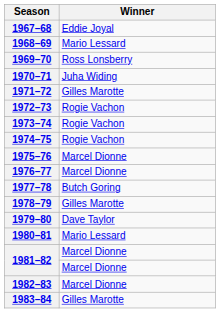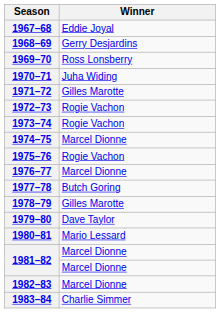 <table class="wikitable">
 <tr>
 <th scope="col" style="width:5em">Season</th>
 <th scope="col" style="width:15em">Winner</th>
 </tr>
 <tr>
 <th scope="row"><a href='#'>1967–68</a></th>
 <td><a href='#'>Eddie Joyal</a></td>
 </tr>
 <tr>
 <th scope="row"><a href='#'>1968–69</a></th>
-<td><a href='#'>Mario Lessard</a></td>
+<td><a href='#'>Gerry Desjardins</a></td>
 </tr>
 <tr>
 <th scope="row"><a href='#'>1969–70</a></th>
 <td><a href='#'>Ross Lonsberry</a></td>
 </tr>
 <tr>
 <th scope="row"><a href='#'>1970–71</a></th>
 <td><a href='#'>Juha Widing</a></td>
 </tr>
 <tr>
 <th scope="row"><a href='#'>1971–72</a></th>
 <td><a href='#'>Gilles Marotte</a></td>
 </tr>
 <tr>
 <th scope="row"><a href='#'>1972–73</a></th>
 <td><a href='#'>Rogie Vachon</a></td>
 </tr>
 <tr>
 <th scope="row"><a href='#'>1973–74</a></th>
 <td><a href='#'>Rogie Vachon</a></td>
 </tr>
 <tr>
 <th scope="row"><a href='#'>1974–75</a></th>
-<td><a href='#'>Rogie Vachon</a></td>
+<td><a href='#'>Marcel Dionne</a></td>
 </tr>
 <tr>
 <th scope="row"><a href='#'>1975–76</a></th>
-<td><a href='#'>Marcel Dionne</a></td>
+<td><a href='#'>Rogie Vachon</a></td>
 </tr>
 <tr>
 <th scope="row"><a href='#'>1976–77</a></th>
 <td><a href='#'>Marcel Dionne</a></td>
 </tr>
 <tr>
 <th scope="row"><a href='#'>1977–78</a></th>
 <td><a href='#'>Butch Goring</a></td>
 </tr>
 <tr>
 <th scope="row"><a href='#'>1978–79</a></th>
 <td><a href='#'>Gilles Marotte</a></td>
 </tr>
 <tr>
 <th scope="row"><a href='#'>1979–80</a></th>
 <td><a href='#'>Dave Taylor</a></td>
 </tr>
 <tr>
 <th scope="row"><a href='#'>1980–81</a></th>
 <td><a href='#'>Mario Lessard</a></td>
 </tr>
 <tr>
 <th scope="row" rowspan="2"><a href='#'>1981–82</a></th>
 <td><a href='#'>Marcel Dionne</a></td>
 </tr>
 <tr>
 <td><a href='#'>Marcel Dionne</a></td>
 </tr>
 <tr>
 <th scope="row"><a href='#'>1982–83</a></th>
 <td><a href='#'>Marcel Dionne</a></td>
 </tr>
 <tr>
 <th scope="row"><a href='#'>1983–84</a></th>
-<td><a href='#'>Gilles Marotte</a></td>
+<td><a href='#'>Charlie Simmer</a></td>
 </tr>
 </table>
